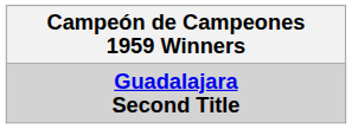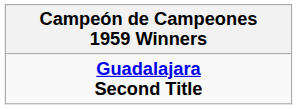 <table class="wikitable" style="text-align: center; margin: 0 auto; width: 20%">
 <tr>
 <th>Campeón de Campeones <br>1959 Winners</th>
 </tr>
 <tr>
-<td style="background: lightgrey;"><strong><a href='#'>Guadalajara</a></strong><br><strong>Second Title</strong></td>
+<td><strong><a href='#'>Guadalajara</a></strong><br><strong>Second Title</strong></td>
 </tr>
 </table>
